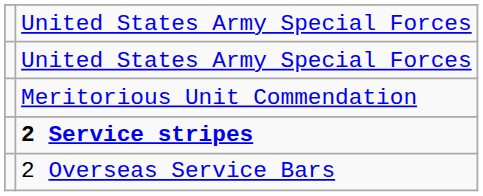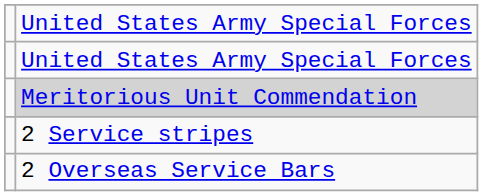 <table class="wikitable">
 <tr>
 <td align="center"></td>
 <td><a href='#'>United States Army Special Forces</a> <br></td>
 </tr>
 <tr>
 <td align="center"></td>
 <td><a href='#'>United States Army Special Forces</a> <br></td>
 </tr>
 <tr>
 <td align="center"></td>
-<td><a href='#'>Meritorious Unit Commendation</a></td>
+<td style="background: lightgrey;"><a href='#'>Meritorious Unit Commendation</a></td>
 </tr>
 <tr>
 <td align="center"></td>
-<td><strong>2 <a href='#'>Service stripes</a></strong></td>
+<td>2 <a href='#'>Service stripes</a></td>
 </tr>
 <tr>
 <td align="center"></td>
 <td>2 <a href='#'>Overseas Service Bars</a></td>
 </tr>
 </table>
